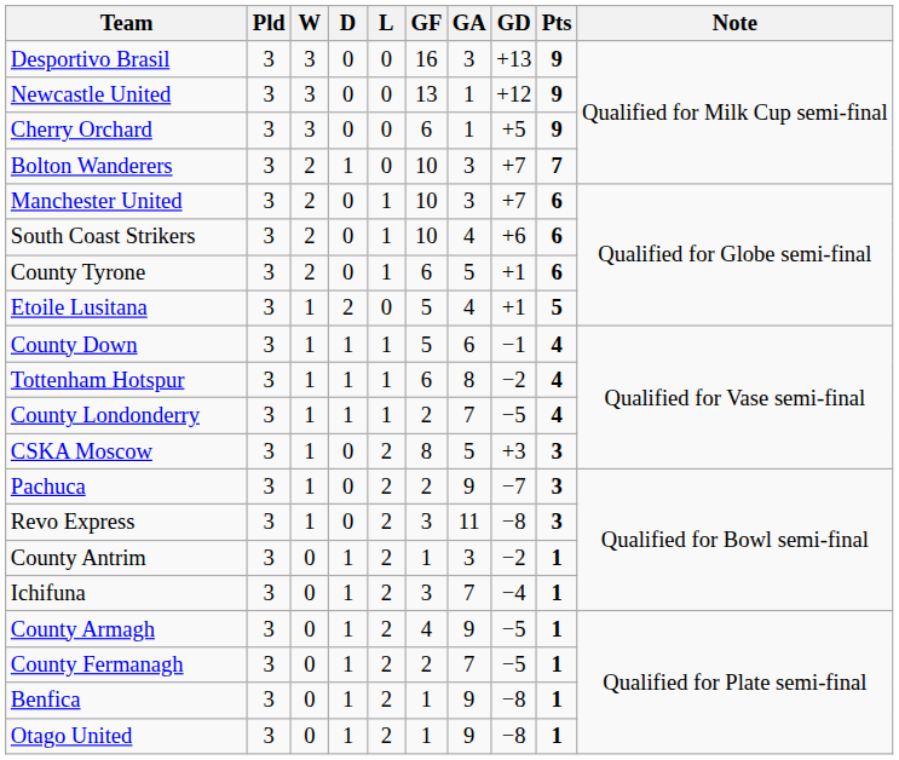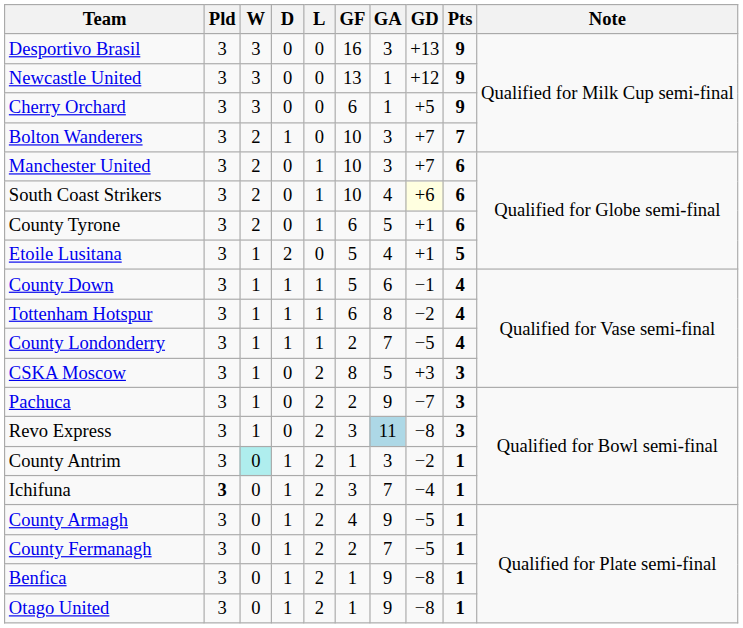 <table class="wikitable" style="text-align:center">
 <tr>
 <th width=165>Team</th>
 <th width=20>Pld</th>
 <th width=20>W</th>
 <th width=20>D</th>
 <th width=20>L</th>
 <th width=20>GF</th>
 <th width=20>GA</th>
 <th width=20>GD</th>
 <th width=20>Pts</th>
 <th>Note</th>
 </tr>
 <tr>
 <td align=left> <a href='#'>Desportivo Brasil</a></td>
 <td>3</td>
 <td>3</td>
 <td>0</td>
 <td>0</td>
 <td>16</td>
 <td>3</td>
 <td>+13</td>
 <td><strong>9</strong></td>
 <td rowspan=4>Qualified for Milk Cup semi-final</td>
 </tr>
 <tr>
 <td align=left> <a href='#'>Newcastle United</a></td>
 <td>3</td>
 <td>3</td>
 <td>0</td>
 <td>0</td>
 <td>13</td>
 <td>1</td>
 <td>+12</td>
 <td><strong>9</strong></td>
 </tr>
 <tr>
 <td align=left> <a href='#'>Cherry Orchard</a></td>
 <td>3</td>
 <td>3</td>
 <td>0</td>
 <td>0</td>
 <td>6</td>
 <td>1</td>
 <td>+5</td>
 <td><strong>9</strong></td>
 </tr>
 <tr>
 <td align=left> <a href='#'>Bolton Wanderers</a></td>
 <td>3</td>
 <td>2</td>
 <td>1</td>
 <td>0</td>
 <td>10</td>
 <td>3</td>
 <td>+7</td>
 <td><strong>7</strong></td>
 </tr>
 <tr>
 <td align=left> <a href='#'>Manchester United</a></td>
 <td>3</td>
 <td>2</td>
 <td>0</td>
 <td>1</td>
 <td>10</td>
 <td>3</td>
 <td>+7</td>
 <td><strong>6</strong></td>
 <td rowspan=4>Qualified for Globe semi-final</td>
 </tr>
 <tr>
 <td align=left> South Coast Strikers</td>
 <td>3</td>
 <td>2</td>
 <td>0</td>
 <td>1</td>
 <td>10</td>
 <td>4</td>
-<td>+6</td>
+<td style="background: lightyellow;">+6</td>
 <td><strong>6</strong></td>
 </tr>
 <tr>
 <td align=left> County Tyrone</td>
 <td>3</td>
 <td>2</td>
 <td>0</td>
 <td>1</td>
 <td>6</td>
 <td>5</td>
 <td>+1</td>
 <td><strong>6</strong></td>
 </tr>
 <tr>
 <td align=left> <a href='#'>Etoile Lusitana</a></td>
 <td>3</td>
 <td>1</td>
 <td>2</td>
 <td>0</td>
 <td>5</td>
 <td>4</td>
 <td>+1</td>
 <td><strong>5</strong></td>
 </tr>
 <tr>
 <td align=left> <a href='#'>County Down</a></td>
 <td>3</td>
 <td>1</td>
 <td>1</td>
 <td>1</td>
 <td>5</td>
 <td>6</td>
 <td>−1</td>
 <td><strong>4</strong></td>
 <td rowspan=4>Qualified for Vase semi-final</td>
 </tr>
 <tr>
 <td align=left> <a href='#'>Tottenham Hotspur</a></td>
 <td>3</td>
 <td>1</td>
 <td>1</td>
 <td>1</td>
 <td>6</td>
 <td>8</td>
 <td>−2</td>
 <td><strong>4</strong></td>
 </tr>
 <tr>
 <td align=left> <a href='#'>County Londonderry</a></td>
 <td>3</td>
 <td>1</td>
 <td>1</td>
 <td>1</td>
 <td>2</td>
 <td>7</td>
 <td>−5</td>
 <td><strong>4</strong></td>
 </tr>
 <tr>
 <td align=left> <a href='#'>CSKA Moscow</a></td>
 <td>3</td>
 <td>1</td>
 <td>0</td>
 <td>2</td>
 <td>8</td>
 <td>5</td>
 <td>+3</td>
 <td><strong>3</strong></td>
 </tr>
 <tr>
 <td align=left> <a href='#'>Pachuca</a></td>
 <td>3</td>
 <td>1</td>
 <td>0</td>
 <td>2</td>
 <td>2</td>
 <td>9</td>
 <td>−7</td>
 <td><strong>3</strong></td>
 <td rowspan=4>Qualified for Bowl semi-final</td>
 </tr>
 <tr>
 <td align=left> Revo Express</td>
 <td>3</td>
 <td>1</td>
 <td>0</td>
 <td>2</td>
 <td>3</td>
-<td>11</td>
+<td style="background: lightblue;">11</td>
 <td>−8</td>
 <td><strong>3</strong></td>
 </tr>
 <tr>
 <td align=left> County Antrim</td>
 <td>3</td>
-<td>0</td>
+<td style="background: paleturquoise;">0</td>
 <td>1</td>
 <td>2</td>
 <td>1</td>
 <td>3</td>
 <td>−2</td>
 <td><strong>1</strong></td>
 </tr>
 <tr>
 <td align=left> Ichifuna</td>
-<td>3</td>
+<td><strong>3</strong></td>
 <td>0</td>
 <td>1</td>
 <td>2</td>
 <td>3</td>
 <td>7</td>
 <td>−4</td>
 <td><strong>1</strong></td>
 </tr>
 <tr>
 <td align=left> <a href='#'>County Armagh</a></td>
 <td>3</td>
 <td>0</td>
 <td>1</td>
 <td>2</td>
 <td>4</td>
 <td>9</td>
 <td>−5</td>
 <td><strong>1</strong></td>
 <td rowspan=4>Qualified for Plate semi-final</td>
 </tr>
 <tr>
 <td align=left> <a href='#'>County Fermanagh</a></td>
 <td>3</td>
 <td>0</td>
 <td>1</td>
 <td>2</td>
 <td>2</td>
 <td>7</td>
 <td>−5</td>
 <td><strong>1</strong></td>
 </tr>
 <tr>
 <td align=left> <a href='#'>Benfica</a></td>
 <td>3</td>
 <td>0</td>
 <td>1</td>
 <td>2</td>
 <td>1</td>
 <td>9</td>
 <td>−8</td>
 <td><strong>1</strong></td>
 </tr>
 <tr>
 <td align=left> <a href='#'>Otago United</a></td>
 <td>3</td>
 <td>0</td>
 <td>1</td>
 <td>2</td>
 <td>1</td>
 <td>9</td>
 <td>−8</td>
 <td><strong>1</strong></td>
 </tr>
 </table>
